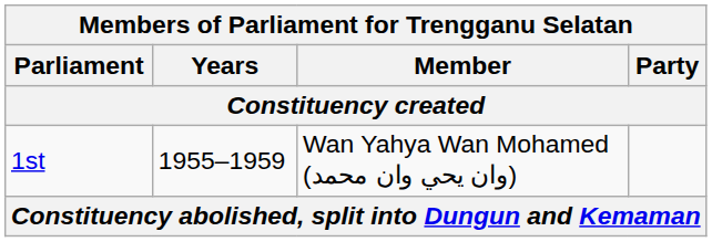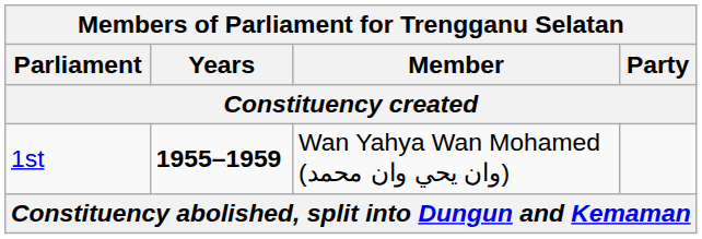 <table class="wikitable">
 <tr>
 <th colspan="4">Members of Parliament for Trengganu Selatan</th>
 </tr>
 <tr>
 <th>Parliament</th>
 <th>Years</th>
 <th>Member</th>
 <th>Party</th>
 </tr>
 <tr>
 <th colspan="4"><em>Constituency created</em></th>
 </tr>
 <tr>
 <td><a href='#'>1st</a></td>
-<td>1955–1959</td>
+<td><strong>1955–1959</strong></td>
 <td>Wan Yahya Wan Mohamed <br> (وان يحي وان محمد)</td>
 <td></td>
 </tr>
 <tr>
 <th colspan="4"><em>Constituency abolished, split into <a href='#'>Dungun</a> and <a href='#'>Kemaman</a></em></th>
 </tr>
 </table>
